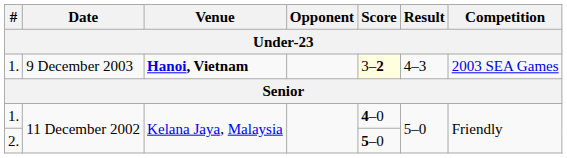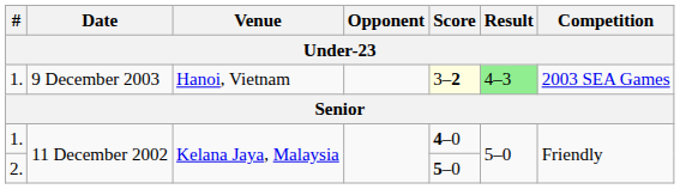 <table class="wikitable" style="font-size: 95%;">
 <tr>
 <th>#</th>
 <th>Date</th>
 <th>Venue</th>
 <th>Opponent</th>
 <th>Score</th>
 <th>Result</th>
 <th>Competition</th>
 </tr>
 <tr>
 <th colspan="7">Under-23</th>
 </tr>
 <tr>
 <td>1.</td>
 <td>9 December 2003</td>
-<td><strong><a href='#'>Hanoi</a>, Vietnam</strong></td>
+<td><a href='#'>Hanoi</a>, Vietnam</td>
 <td></td>
 <td style="background: lightyellow;">3–<strong>2</strong></td>
-<td>4–3</td>
+<td style="background: lightgreen;">4–3</td>
 <td><a href='#'>2003 SEA Games</a></td>
 </tr>
 <tr>
 <th colspan="7">Senior</th>
 </tr>
 <tr>
 <td>1.</td>
 <td rowspan="2">11 December 2002</td>
 <td rowspan="2"><a href='#'>Kelana Jaya</a>, <a href='#'>Malaysia</a></td>
 <td rowspan="2"></td>
 <td><strong>4</strong>–0</td>
 <td rowspan="2">5–0</td>
 <td rowspan="2">Friendly</td>
 </tr>
 <tr>
 <td>2.</td>
 <td><strong>5</strong>–0</td>
 </tr>
 </table>
